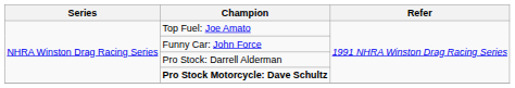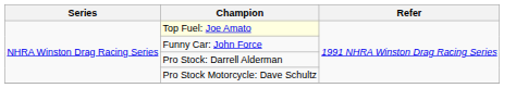 <table class="wikitable" style="font-size:87%;">
 <tr>
 <th>Series</th>
 <th>Champion</th>
 <th>Refer</th>
 </tr>
 <tr>
 <td rowspan=4><a href='#'>NHRA Winston Drag Racing Series</a></td>
-<td>Top Fuel:  <a href='#'>Joe Amato</a></td>
+<td style="background: lightyellow;">Top Fuel:  <a href='#'>Joe Amato</a></td>
 <td rowspan=4><em><a href='#'>1991 NHRA Winston Drag Racing Series</a></em></td>
 </tr>
 <tr>
 <td>Funny Car:  <a href='#'>John Force</a></td>
 </tr>
 <tr>
 <td>Pro Stock:  Darrell Alderman</td>
 </tr>
 <tr>
-<td><strong>Pro Stock Motorcycle:  Dave Schultz</strong></td>
+<td>Pro Stock Motorcycle:  Dave Schultz</td>
 </tr>
 <tr>
 </tr>
 </table>
